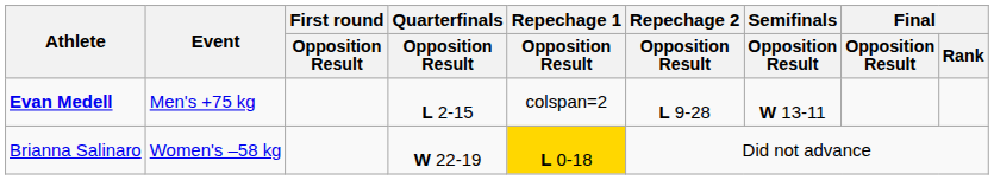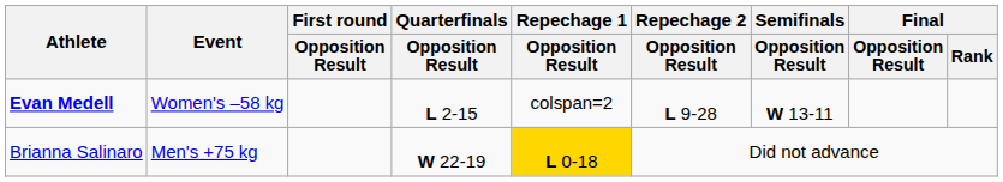 <table class="wikitable" style="font-size:90%;">
 <tr>
 <th rowspan=2>Athlete</th>
 <th rowspan=2>Event</th>
 <th>First round</th>
 <th>Quarterfinals</th>
 <th>Repechage 1</th>
 <th>Repechage 2</th>
 <th>Semifinals</th>
 <th colspan=2>Final</th>
 </tr>
 <tr style="font-size:95%">
 <th>Opposition<br>Result</th>
 <th>Opposition<br>Result</th>
 <th>Opposition<br>Result</th>
 <th>Opposition<br>Result</th>
 <th>Opposition<br>Result</th>
 <th>Opposition<br>Result</th>
 <th>Rank</th>
 </tr>
 <tr align=center>
 <td align=left><strong><a href='#'>Evan Medell</a></strong></td>
-<td align=left><a href='#'>Men's +75 kg</a></td>
+<td align=left><a href='#'>Women's –58 kg</a></td>
 <td></td>
 <td><br><strong>L</strong> 2-15</td>
 <td>colspan=2 </td>
 <td><br><strong>L</strong> 9-28</td>
 <td><br><strong>W</strong> 13-11</td>
 <td></td>
 </tr>
 <tr align=center>
 <td align=left><a href='#'>Brianna Salinaro</a></td>
-<td align=left><a href='#'>Women's –58 kg</a></td>
+<td align=left><a href='#'>Men's +75 kg</a></td>
 <td></td>
 <td><br><strong>W</strong> 22-19</td>
 <td style="background: gold;"><br><strong>L</strong> 0-18</td>
 <td colspan=4>Did not advance</td>
 </tr>
 </table>
